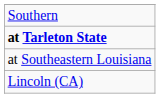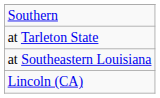 <table class="wikitable">
 <tr>
 </tr>
 <tr>
 <td><a href='#'>Southern</a></td>
 </tr>
 <tr>
-<td><strong>at <a href='#'>Tarleton State</a></strong></td>
+<td>at <a href='#'>Tarleton State</a></td>
 </tr>
 <tr>
 <td>at <a href='#'>Southeastern Louisiana</a></td>
 </tr>
 <tr>
 <td><a href='#'>Lincoln (CA)</a></td>
 </tr>
 </table>
